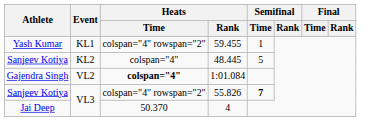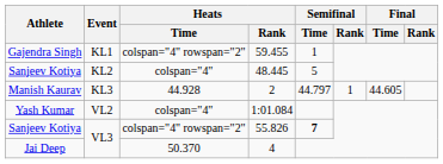 <table class="wikitable" style="text-align:center; font-size:87%">
 <tr>
 <th rowspan="2">Athlete</th>
 <th rowspan="2">Event</th>
 <th colspan="2">Heats</th>
 <th colspan="2">Semifinal</th>
 <th colspan="2">Final</th>
 </tr>
 <tr>
 <th>Time</th>
 <th>Rank</th>
 <th>Time</th>
 <th>Rank</th>
 <th>Time</th>
 <th>Rank</th>
 </tr>
 <tr>
-<td><a href='#'>Yash Kumar</a></td>
+<td><a href='#'>Gajendra Singh</a></td>
 <td>KL1</td>
 <td>colspan="4" rowspan="2" </td>
 <td>59.455</td>
 <td>1</td>
 </tr>
 <tr>
 <td><a href='#'>Sanjeev Kotiya</a></td>
 <td>KL2</td>
 <td>colspan="4" </td>
 <td>48.445</td>
 <td>5</td>
 </tr>
 <tr>
-<td><a href='#'>Gajendra Singh</a></td>
+<td><a href='#'>Manish Kaurav</a></td>
+<td>KL3</td>
+<td>44.928</td>
+<td>2</td>
+<td>44.797</td>
+<td>1</td>
+<td>44.605</td>
+<td></td>
+</tr>
+<tr>
+<td><a href='#'>Yash Kumar</a></td>
 <td>VL2</td>
-<td><strong>colspan="4" </strong></td>
+<td>colspan="4" </td>
 <td>1:01.084</td>
 <td></td>
 </tr>
 <tr>
 <td><a href='#'>Sanjeev Kotiya</a></td>
 <td rowspan="2">VL3</td>
 <td>colspan="4" rowspan="2" </td>
 <td>55.826</td>
 <td><strong>7</strong></td>
 </tr>
 <tr>
 <td><a href='#'>Jai Deep</a></td>
 <td>50.370</td>
 <td>4</td>
 </tr>
 </table>
